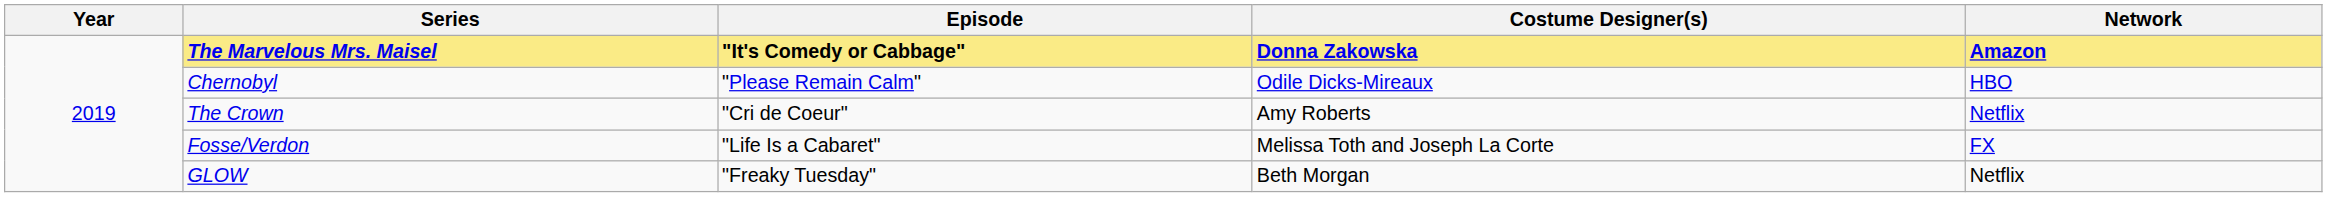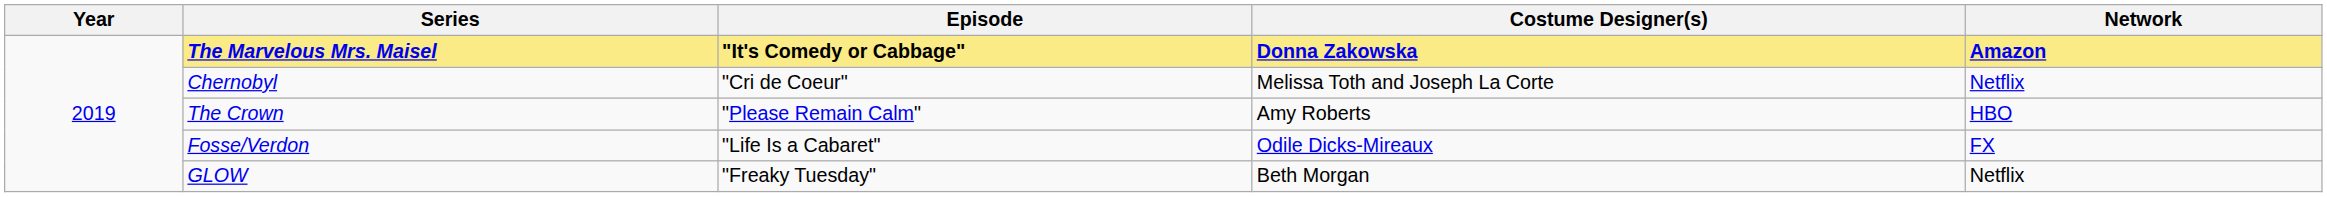 <table class="wikitable" width="95%" cellpadding="4">
 <tr>
 <th width="5%">Year</th>
 <th width="15%">Series</th>
 <th width=15%>Episode</th>
 <th width="20%">Costume Designer(s)</th>
 <th width="10%">Network</th>
 </tr>
 <tr>
 <td rowspan="5" style="text-align:center;"><a href='#'>2019</a><br></td>
 <td style="background:#FAEB86;"><strong><em><a href='#'>The Marvelous Mrs. Maisel</a></em></strong></td>
 <td style="background:#FAEB86;"><strong>"It's Comedy or Cabbage"</strong></td>
 <td style="background:#FAEB86;"><strong><a href='#'>Donna Zakowska</a></strong></td>
 <td style="background:#FAEB86;"><strong><a href='#'>Amazon</a></strong></td>
 </tr>
 <tr>
 <td><em><a href='#'>Chernobyl</a></em></td>
-<td>"<a href='#'>Please Remain Calm</a>"</td>
-<td><a href='#'>Odile Dicks-Mireaux</a></td>
-<td><a href='#'>HBO</a></td>
+<td>"Cri de Coeur"</td>
+<td>Melissa Toth and Joseph La Corte</td>
+<td><a href='#'>Netflix</a></td>
 </tr>
 <tr>
 <td><em><a href='#'>The Crown</a></em></td>
-<td>"Cri de Coeur"</td>
+<td>"<a href='#'>Please Remain Calm</a>"</td>
 <td>Amy Roberts</td>
-<td><a href='#'>Netflix</a></td>
+<td><a href='#'>HBO</a></td>
 </tr>
 <tr>
 <td><em><a href='#'>Fosse/Verdon</a></em></td>
 <td>"Life Is a Cabaret"</td>
-<td>Melissa Toth and Joseph La Corte</td>
+<td><a href='#'>Odile Dicks-Mireaux</a></td>
 <td><a href='#'>FX</a></td>
 </tr>
 <tr>
 <td><em><a href='#'>GLOW</a></em></td>
 <td>"Freaky Tuesday"</td>
 <td>Beth Morgan</td>
 <td>Netflix</td>
 </tr>
 </table>
